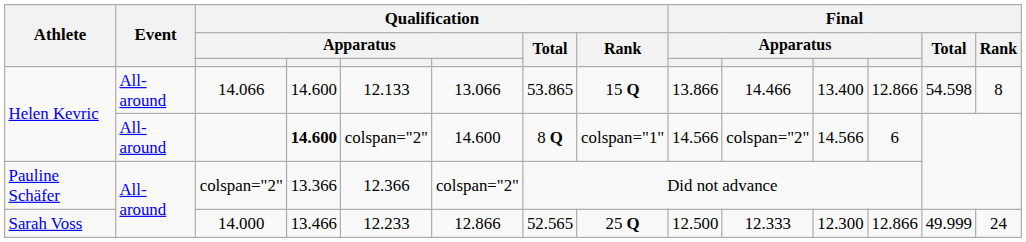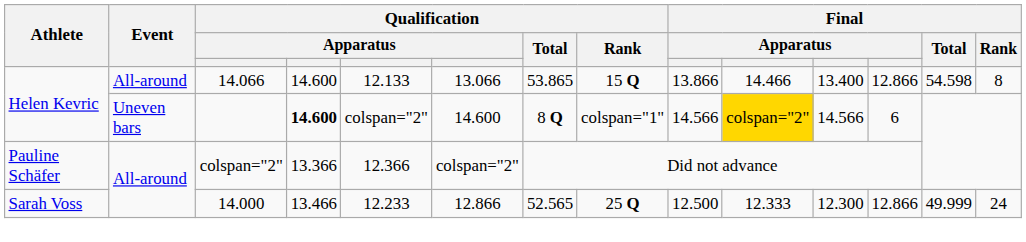 <table class="wikitable" style="font-size:90%">
 <tr>
 <th rowspan=3>Athlete</th>
 <th rowspan=3>Event</th>
 <th colspan=6>Qualification</th>
 <th colspan=6>Final</th>
 </tr>
 <tr style="font-size:95%">
 <th colspan=4>Apparatus</th>
 <th rowspan=2>Total</th>
 <th rowspan=2>Rank</th>
 <th colspan=4>Apparatus</th>
 <th rowspan=2>Total</th>
 <th rowspan=2>Rank</th>
 </tr>
 <tr style="font-size:95%">
 <th></th>
 <th></th>
 <th></th>
 <th></th>
 <th></th>
 <th></th>
 <th></th>
 <th></th>
 </tr>
 <tr align=center>
 <td align=left rowspan=2><a href='#'>Helen Kevric</a></td>
 <td align=left><a href='#'>All-around</a></td>
 <td>14.066</td>
 <td>14.600</td>
 <td>12.133</td>
 <td>13.066</td>
 <td>53.865</td>
 <td>15 <strong>Q</strong></td>
 <td>13.866</td>
 <td>14.466</td>
 <td>13.400</td>
 <td>12.866</td>
 <td>54.598</td>
 <td>8</td>
 </tr>
 <tr align=center>
-<td align=left><a href='#'>All-around</a></td>
+<td align=left><a href='#'>Uneven bars</a></td>
 <td></td>
 <td><strong>14.600</strong></td>
 <td>colspan="2" </td>
 <td>14.600</td>
 <td>8 <strong>Q</strong></td>
 <td>colspan="1" </td>
 <td>14.566</td>
-<td>colspan="2" </td>
+<td style="background: gold;">colspan="2" </td>
 <td>14.566</td>
 <td>6</td>
 </tr>
 <tr align=center>
 <td align=left><a href='#'>Pauline Schäfer</a></td>
 <td align=left rowspan=2><a href='#'>All-around</a></td>
 <td>colspan="2" </td>
 <td>13.366</td>
 <td>12.366</td>
 <td>colspan="2" </td>
 <td colspan="6">Did not advance</td>
 </tr>
 <tr align=center>
 <td align=left><a href='#'>Sarah Voss</a></td>
 <td>14.000</td>
 <td>13.466</td>
 <td>12.233</td>
 <td>12.866</td>
 <td>52.565</td>
 <td>25 <strong>Q</strong></td>
 <td>12.500</td>
 <td>12.333</td>
 <td>12.300</td>
 <td>12.866</td>
 <td>49.999</td>
 <td>24</td>
 </tr>
 </table>
